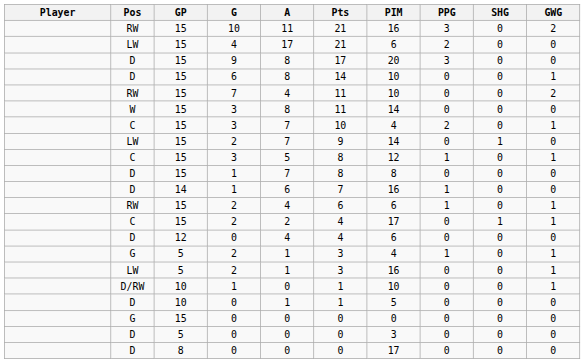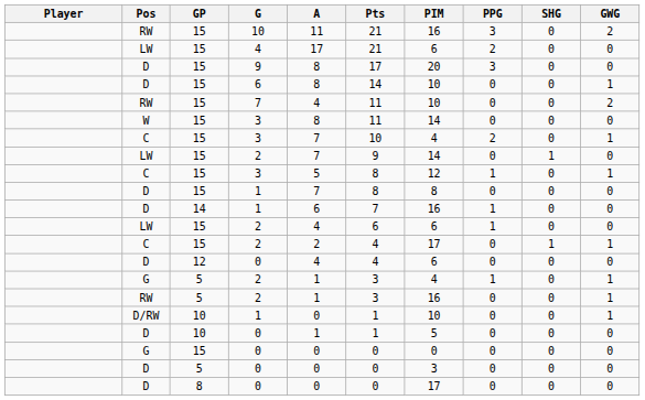 <table class="wikitable sortable" width="60%">
 <tr ALIGN="center">
 <th bgcolor="#DDDDFF" width="10%">Player</th>
 <th bgcolor="#DDDDFF" width="3%" title="Position">Pos</th>
 <th bgcolor="#DDDDFF" width="5%" title="Games played">GP</th>
 <th bgcolor="#DDDDFF" width="5%" title="Goals">G</th>
 <th bgcolor="#DDDDFF" width="5%" title="Assists">A</th>
 <th bgcolor="#DDDDFF" width="5%" title="Points">Pts</th>
 <th bgcolor="#DDDDFF" width="5%" title="Penalties in Minutes">PIM</th>
 <th bgcolor="#DDDDFF" width="5%" title="Power Play Goals">PPG</th>
 <th bgcolor="#DDDDFF" width="5%" title="Short-handed Goals">SHG</th>
 <th bgcolor="#DDDDFF" width="5%" title="Game-winning Goals">GWG</th>
 </tr>
 <tr align="center">
 <td align="right"></td>
 <td>RW</td>
 <td>15</td>
 <td>10</td>
 <td>11</td>
 <td>21</td>
 <td>16</td>
 <td>3</td>
 <td>0</td>
 <td>2</td>
 </tr>
 <tr align="center">
 <td align="right"></td>
 <td>LW</td>
 <td>15</td>
 <td>4</td>
 <td>17</td>
 <td>21</td>
 <td>6</td>
 <td>2</td>
 <td>0</td>
 <td>0</td>
 </tr>
 <tr align="center">
 <td align="right"></td>
 <td>D</td>
 <td>15</td>
 <td>9</td>
 <td>8</td>
 <td>17</td>
 <td>20</td>
 <td>3</td>
 <td>0</td>
 <td>0</td>
 </tr>
 <tr align="center">
 <td align="right"></td>
 <td>D</td>
 <td>15</td>
 <td>6</td>
 <td>8</td>
 <td>14</td>
 <td>10</td>
 <td>0</td>
 <td>0</td>
 <td>1</td>
 </tr>
 <tr align="center">
 <td align="right"></td>
 <td>RW</td>
 <td>15</td>
 <td>7</td>
 <td>4</td>
 <td>11</td>
 <td>10</td>
 <td>0</td>
 <td>0</td>
 <td>2</td>
 </tr>
 <tr align="center">
 <td align="right"></td>
 <td>W</td>
 <td>15</td>
 <td>3</td>
 <td>8</td>
 <td>11</td>
 <td>14</td>
 <td>0</td>
 <td>0</td>
 <td>0</td>
 </tr>
 <tr align="center">
 <td align="right"></td>
 <td>C</td>
 <td>15</td>
 <td>3</td>
 <td>7</td>
 <td>10</td>
 <td>4</td>
 <td>2</td>
 <td>0</td>
 <td>1</td>
 </tr>
 <tr align="center">
 <td align="right"></td>
 <td>LW</td>
 <td>15</td>
 <td>2</td>
 <td>7</td>
 <td>9</td>
 <td>14</td>
 <td>0</td>
 <td>1</td>
 <td>0</td>
 </tr>
 <tr align="center">
 <td align="right"></td>
 <td>C</td>
 <td>15</td>
 <td>3</td>
 <td>5</td>
 <td>8</td>
 <td>12</td>
 <td>1</td>
 <td>0</td>
 <td>1</td>
 </tr>
 <tr align="center">
 <td align="right"></td>
 <td>D</td>
 <td>15</td>
 <td>1</td>
 <td>7</td>
 <td>8</td>
 <td>8</td>
 <td>0</td>
 <td>0</td>
 <td>0</td>
 </tr>
 <tr align="center">
 <td align="right"></td>
 <td>D</td>
 <td>14</td>
 <td>1</td>
 <td>6</td>
 <td>7</td>
 <td>16</td>
 <td>1</td>
 <td>0</td>
 <td>0</td>
 </tr>
 <tr align="center">
 <td align="right"></td>
-<td>RW</td>
+<td>LW</td>
 <td>15</td>
 <td>2</td>
 <td>4</td>
 <td>6</td>
 <td>6</td>
 <td>1</td>
 <td>0</td>
-<td>1</td>
+<td>0</td>
 </tr>
 <tr align="center">
 <td align="right"></td>
 <td>C</td>
 <td>15</td>
 <td>2</td>
 <td>2</td>
 <td>4</td>
 <td>17</td>
 <td>0</td>
 <td>1</td>
 <td>1</td>
 </tr>
 <tr align="center">
 <td align="right"></td>
 <td>D</td>
 <td>12</td>
 <td>0</td>
 <td>4</td>
 <td>4</td>
 <td>6</td>
 <td>0</td>
 <td>0</td>
 <td>0</td>
 </tr>
 <tr align="center">
 <td align="right"></td>
 <td>G</td>
 <td>5</td>
 <td>2</td>
 <td>1</td>
 <td>3</td>
 <td>4</td>
 <td>1</td>
 <td>0</td>
 <td>1</td>
 </tr>
 <tr align="center">
 <td align="right"></td>
-<td>LW</td>
+<td>RW</td>
 <td>5</td>
 <td>2</td>
 <td>1</td>
 <td>3</td>
 <td>16</td>
 <td>0</td>
 <td>0</td>
 <td>1</td>
 </tr>
 <tr align="center">
 <td align="right"></td>
 <td>D/RW</td>
 <td>10</td>
 <td>1</td>
 <td>0</td>
 <td>1</td>
 <td>10</td>
 <td>0</td>
 <td>0</td>
 <td>1</td>
 </tr>
 <tr align="center">
 <td align="right"></td>
 <td>D</td>
 <td>10</td>
 <td>0</td>
 <td>1</td>
 <td>1</td>
 <td>5</td>
 <td>0</td>
 <td>0</td>
 <td>0</td>
 </tr>
 <tr align="center">
 <td align="right"></td>
 <td>G</td>
 <td>15</td>
 <td>0</td>
 <td>0</td>
 <td>0</td>
 <td>0</td>
 <td>0</td>
 <td>0</td>
 <td>0</td>
 </tr>
 <tr align="center">
 <td align="right"></td>
 <td>D</td>
 <td>5</td>
 <td>0</td>
 <td>0</td>
 <td>0</td>
 <td>3</td>
 <td>0</td>
 <td>0</td>
 <td>0</td>
 </tr>
 <tr align="center">
 <td align="right"></td>
 <td>D</td>
 <td>8</td>
 <td>0</td>
 <td>0</td>
 <td>0</td>
 <td>17</td>
 <td>0</td>
 <td>0</td>
 <td>0</td>
 </tr>
 </table>
